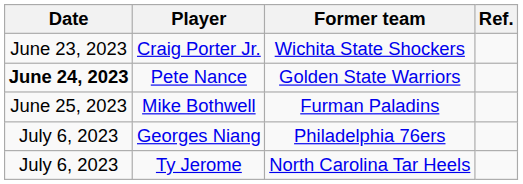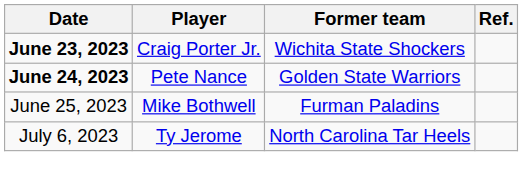 <table class="wikitable sortable sortable" style="text-align: center">
 <tr>
 <th>Date</th>
 <th>Player</th>
 <th>Former team</th>
 <th>Ref.</th>
 </tr>
 <tr>
-<td>June 23, 2023</td>
+<td><strong>June 23, 2023</strong></td>
 <td><a href='#'>Craig Porter Jr.</a></td>
 <td><a href='#'>Wichita State Shockers</a></td>
 <td></td>
 </tr>
 <tr>
 <td><strong>June 24, 2023</strong></td>
 <td><a href='#'>Pete Nance</a></td>
 <td><a href='#'>Golden State Warriors</a></td>
 <td></td>
 </tr>
 <tr>
 <td>June 25, 2023</td>
 <td><a href='#'>Mike Bothwell</a></td>
 <td><a href='#'>Furman Paladins</a></td>
 <td></td>
 </tr>
 <tr>
 <td>July 6, 2023</td>
-<td><a href='#'>Georges Niang</a></td>
-<td><a href='#'>Philadelphia 76ers</a></td>
-<td></td>
-</tr>
-<tr>
-<td>July 6, 2023</td>
 <td><a href='#'>Ty Jerome</a></td>
 <td><a href='#'>North Carolina Tar Heels</a></td>
 <td></td>
 </tr>
 </table>
